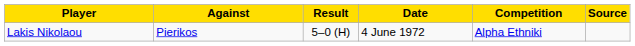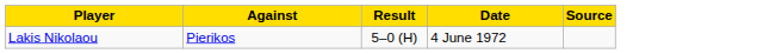 <table class="wikitable">
 <tr>
 <th width=200 style="background:#FFDE00">Player</th>
 <th width=200 style="background:#FFDE00">Against</th>
 <th width=70 style="background:#FFDE00">Result</th>
 <th width=150 style="background:#FFDE00">Date</th>
-<th width=150 style="background:#FFDE00">Competition</th>
 <th style="background:#FFDE00">Source</th>
 </tr>
 <tr>
 <td> <a href='#'>Lakis Nikolaou</a></td>
 <td> <a href='#'>Pierikos</a></td>
 <td align=center>5–0 (H)</td>
 <td>4 June 1972</td>
-<td><a href='#'>Alpha Ethniki</a></td>
 <td align=center></td>
 </tr>
 </table>
